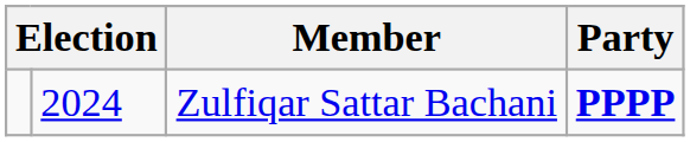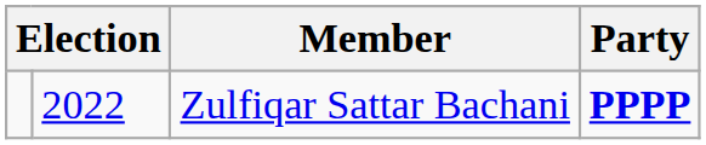 <table class="wikitable">
 <tr>
 <th colspan="2">Election</th>
 <th>Member</th>
 <th>Party</th>
 </tr>
 <tr>
 <td style="background-color: "></td>
-<td><a href='#'>2024</a></td>
+<td><a href='#'>2022</a></td>
 <td><a href='#'>Zulfiqar Sattar Bachani</a></td>
 <td><strong><a href='#'>PPPP</a></strong></td>
 </tr>
 </table>
